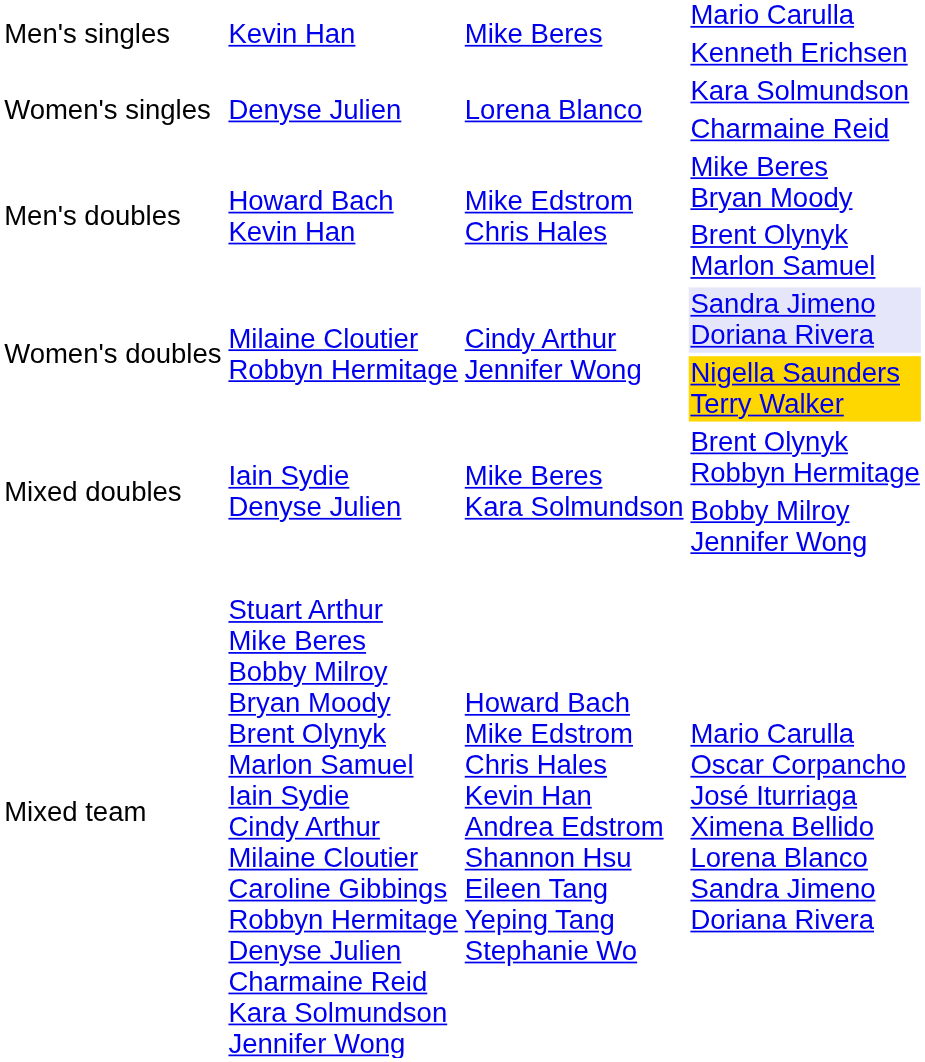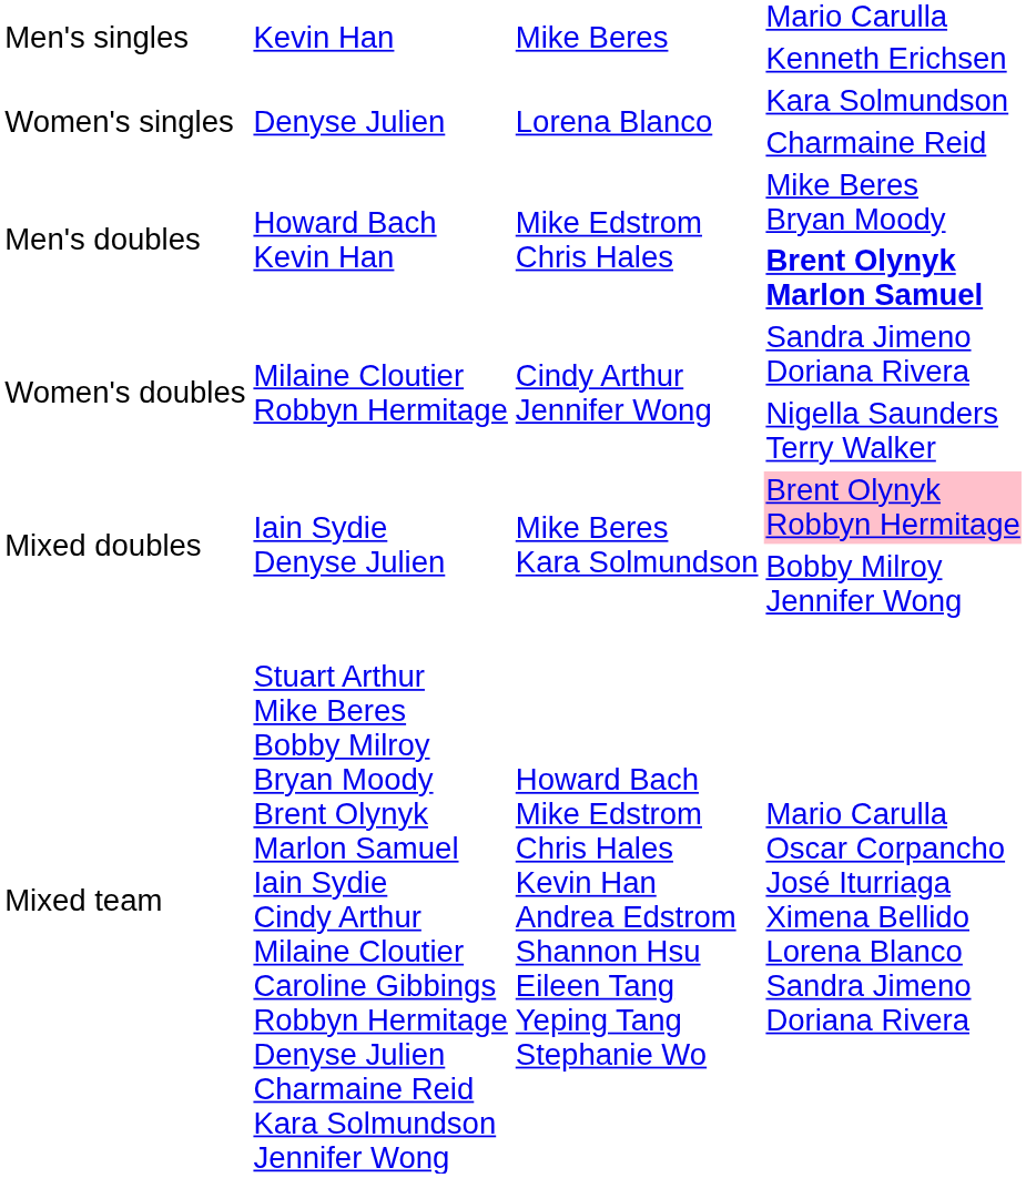 <table>
 <tr>
 <td rowspan="2">Men's singles</td>
 <td rowspan="2"> <a href='#'>Kevin Han</a></td>
 <td rowspan="2"> <a href='#'>Mike Beres</a></td>
 <td> <a href='#'>Mario Carulla</a></td>
 </tr>
 <tr>
 <td> <a href='#'>Kenneth Erichsen</a></td>
 </tr>
 <tr>
 <td rowspan="2">Women's singles</td>
 <td rowspan="2"> <a href='#'>Denyse Julien</a></td>
 <td rowspan="2"> <a href='#'>Lorena Blanco</a></td>
 <td> <a href='#'>Kara Solmundson</a></td>
 </tr>
 <tr>
 <td> <a href='#'>Charmaine Reid</a></td>
 </tr>
 <tr>
 <td rowspan="2">Men's doubles</td>
 <td rowspan="2"> <a href='#'>Howard Bach</a><br> <a href='#'>Kevin Han</a></td>
 <td rowspan="2"> <a href='#'>Mike Edstrom</a><br> <a href='#'>Chris Hales</a></td>
 <td> <a href='#'>Mike Beres</a><br> <a href='#'>Bryan Moody</a></td>
 </tr>
 <tr>
-<td> <a href='#'>Brent Olynyk</a><br> <a href='#'>Marlon Samuel</a></td>
+<td><strong> <a href='#'>Brent Olynyk</a><br> <a href='#'>Marlon Samuel</a></strong></td>
 </tr>
 <tr>
 <td rowspan="2">Women's doubles</td>
 <td rowspan="2"> <a href='#'>Milaine Cloutier</a><br> <a href='#'>Robbyn Hermitage</a></td>
 <td rowspan="2"> <a href='#'>Cindy Arthur</a><br> <a href='#'>Jennifer Wong</a></td>
-<td style="background: lavender;"> <a href='#'>Sandra Jimeno</a><br> <a href='#'>Doriana Rivera</a></td>
+<td> <a href='#'>Sandra Jimeno</a><br> <a href='#'>Doriana Rivera</a></td>
 </tr>
 <tr>
-<td style="background: gold;"> <a href='#'>Nigella Saunders</a><br> <a href='#'>Terry Walker</a></td>
+<td> <a href='#'>Nigella Saunders</a><br> <a href='#'>Terry Walker</a></td>
 </tr>
 <tr>
 <td rowspan="2">Mixed doubles</td>
 <td rowspan="2"> <a href='#'>Iain Sydie</a> <br>  <a href='#'>Denyse Julien</a></td>
 <td rowspan="2"> <a href='#'>Mike Beres</a><br> <a href='#'>Kara Solmundson</a></td>
-<td> <a href='#'>Brent Olynyk</a><br> <a href='#'>Robbyn Hermitage</a></td>
+<td style="background: pink;"> <a href='#'>Brent Olynyk</a><br> <a href='#'>Robbyn Hermitage</a></td>
 </tr>
 <tr>
 <td> <a href='#'>Bobby Milroy</a><br> <a href='#'>Jennifer Wong</a></td>
 </tr>
 <tr>
 <td>Mixed team</td>
 <td><br><a href='#'>Stuart Arthur</a><br><a href='#'>Mike Beres</a><br><a href='#'>Bobby Milroy</a><br><a href='#'>Bryan Moody</a><br><a href='#'>Brent Olynyk</a><br><a href='#'>Marlon Samuel</a><br><a href='#'>Iain Sydie</a><br><a href='#'>Cindy Arthur</a><br><a href='#'>Milaine Cloutier</a><br><a href='#'>Caroline Gibbings</a><br><a href='#'>Robbyn Hermitage</a><br><a href='#'>Denyse Julien</a><br><a href='#'>Charmaine Reid</a><br><a href='#'>Kara Solmundson</a><br><a href='#'>Jennifer Wong</a></td>
 <td><br><a href='#'>Howard Bach</a><br><a href='#'>Mike Edstrom</a><br><a href='#'>Chris Hales</a><br><a href='#'>Kevin Han</a><br><a href='#'>Andrea Edstrom</a><br><a href='#'>Shannon Hsu</a><br><a href='#'>Eileen Tang</a><br><a href='#'>Yeping Tang</a><br><a href='#'>Stephanie Wo</a></td>
 <td><br><a href='#'>Mario Carulla</a><br><a href='#'>Oscar Corpancho</a><br><a href='#'>José Iturriaga</a><br><a href='#'>Ximena Bellido</a><br><a href='#'>Lorena Blanco</a><br><a href='#'>Sandra Jimeno</a><br><a href='#'>Doriana Rivera</a></td>
 </tr>
 </table>
